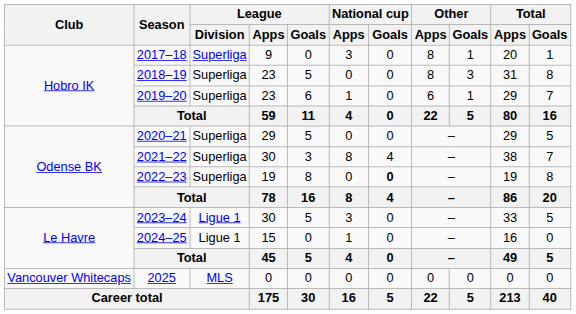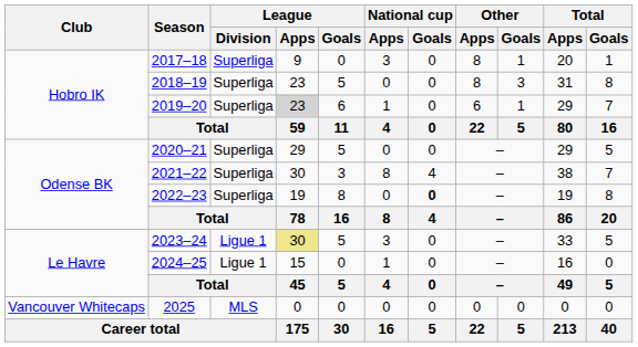 <table class="wikitable" style="text-align:center">
 <tr>
 <th rowspan="2">Club</th>
 <th rowspan="2">Season</th>
 <th colspan="3">League</th>
 <th colspan="2">National cup</th>
 <th colspan="2">Other</th>
 <th colspan="2">Total</th>
 </tr>
 <tr>
 <th>Division</th>
 <th>Apps</th>
 <th>Goals</th>
 <th>Apps</th>
 <th>Goals</th>
 <th>Apps</th>
 <th>Goals</th>
 <th>Apps</th>
 <th>Goals</th>
 </tr>
 <tr>
 <td rowspan="4"><a href='#'>Hobro IK</a></td>
 <td><a href='#'>2017–18</a></td>
 <td><a href='#'>Superliga</a></td>
 <td>9</td>
 <td>0</td>
 <td>3</td>
 <td>0</td>
 <td>8</td>
 <td>1</td>
 <td>20</td>
 <td>1</td>
 </tr>
 <tr>
 <td><a href='#'>2018–19</a></td>
 <td>Superliga</td>
 <td>23</td>
 <td>5</td>
 <td>0</td>
 <td>0</td>
 <td>8</td>
 <td>3</td>
 <td>31</td>
 <td>8</td>
 </tr>
 <tr>
 <td><a href='#'>2019–20</a></td>
 <td>Superliga</td>
-<td>23</td>
+<td style="background: lightgrey;">23</td>
 <td>6</td>
 <td>1</td>
 <td>0</td>
 <td>6</td>
 <td>1</td>
 <td>29</td>
 <td>7</td>
 </tr>
 <tr>
 <th colspan="2">Total</th>
 <th>59</th>
 <th>11</th>
 <th>4</th>
 <th>0</th>
 <th>22</th>
 <th>5</th>
 <th>80</th>
 <th>16</th>
 </tr>
 <tr>
 <td rowspan="4"><a href='#'>Odense BK</a></td>
 <td><a href='#'>2020–21</a></td>
 <td>Superliga</td>
 <td>29</td>
 <td>5</td>
 <td>0</td>
 <td>0</td>
 <td colspan="2">–</td>
 <td>29</td>
 <td>5</td>
 </tr>
 <tr>
 <td><a href='#'>2021–22</a></td>
 <td>Superliga</td>
 <td>30</td>
 <td>3</td>
 <td>8</td>
 <td>4</td>
 <td colspan="2">–</td>
 <td>38</td>
 <td>7</td>
 </tr>
 <tr>
 <td><a href='#'>2022–23</a></td>
 <td>Superliga</td>
 <td>19</td>
 <td>8</td>
 <td>0</td>
 <td><strong>0</strong></td>
 <td colspan="2">–</td>
 <td>19</td>
 <td>8</td>
 </tr>
 <tr>
 <th colspan="2">Total</th>
 <th>78</th>
 <th>16</th>
 <th>8</th>
 <th>4</th>
 <th colspan="2">–</th>
 <th>86</th>
 <th>20</th>
 </tr>
 <tr>
 <td rowspan="3"><a href='#'>Le Havre</a></td>
 <td><a href='#'>2023–24</a></td>
 <td><a href='#'>Ligue 1</a></td>
-<td>30</td>
+<td style="background: khaki;">30</td>
 <td>5</td>
 <td>3</td>
 <td>0</td>
 <td colspan="2">–</td>
 <td>33</td>
 <td>5</td>
 </tr>
 <tr>
 <td><a href='#'>2024–25</a></td>
 <td>Ligue 1</td>
 <td>15</td>
 <td>0</td>
 <td>1</td>
 <td>0</td>
 <td colspan="2">–</td>
 <td>16</td>
 <td>0</td>
 </tr>
 <tr>
 <th colspan="2">Total</th>
 <th>45</th>
 <th>5</th>
 <th>4</th>
 <th>0</th>
 <th colspan="2">–</th>
 <th>49</th>
 <th>5</th>
 </tr>
 <tr>
 <td rowspan="1"><a href='#'>Vancouver Whitecaps</a></td>
 <td><a href='#'>2025</a></td>
 <td><a href='#'>MLS</a></td>
 <td>0</td>
 <td>0</td>
 <td>0</td>
 <td>0</td>
 <td>0</td>
 <td>0</td>
 <td>0</td>
 <td>0</td>
 </tr>
 <tr>
 <th colspan="3">Career total</th>
 <th>175</th>
 <th>30</th>
 <th>16</th>
 <th>5</th>
 <th>22</th>
 <th>5</th>
 <th>213</th>
 <th>40</th>
 </tr>
 </table>
